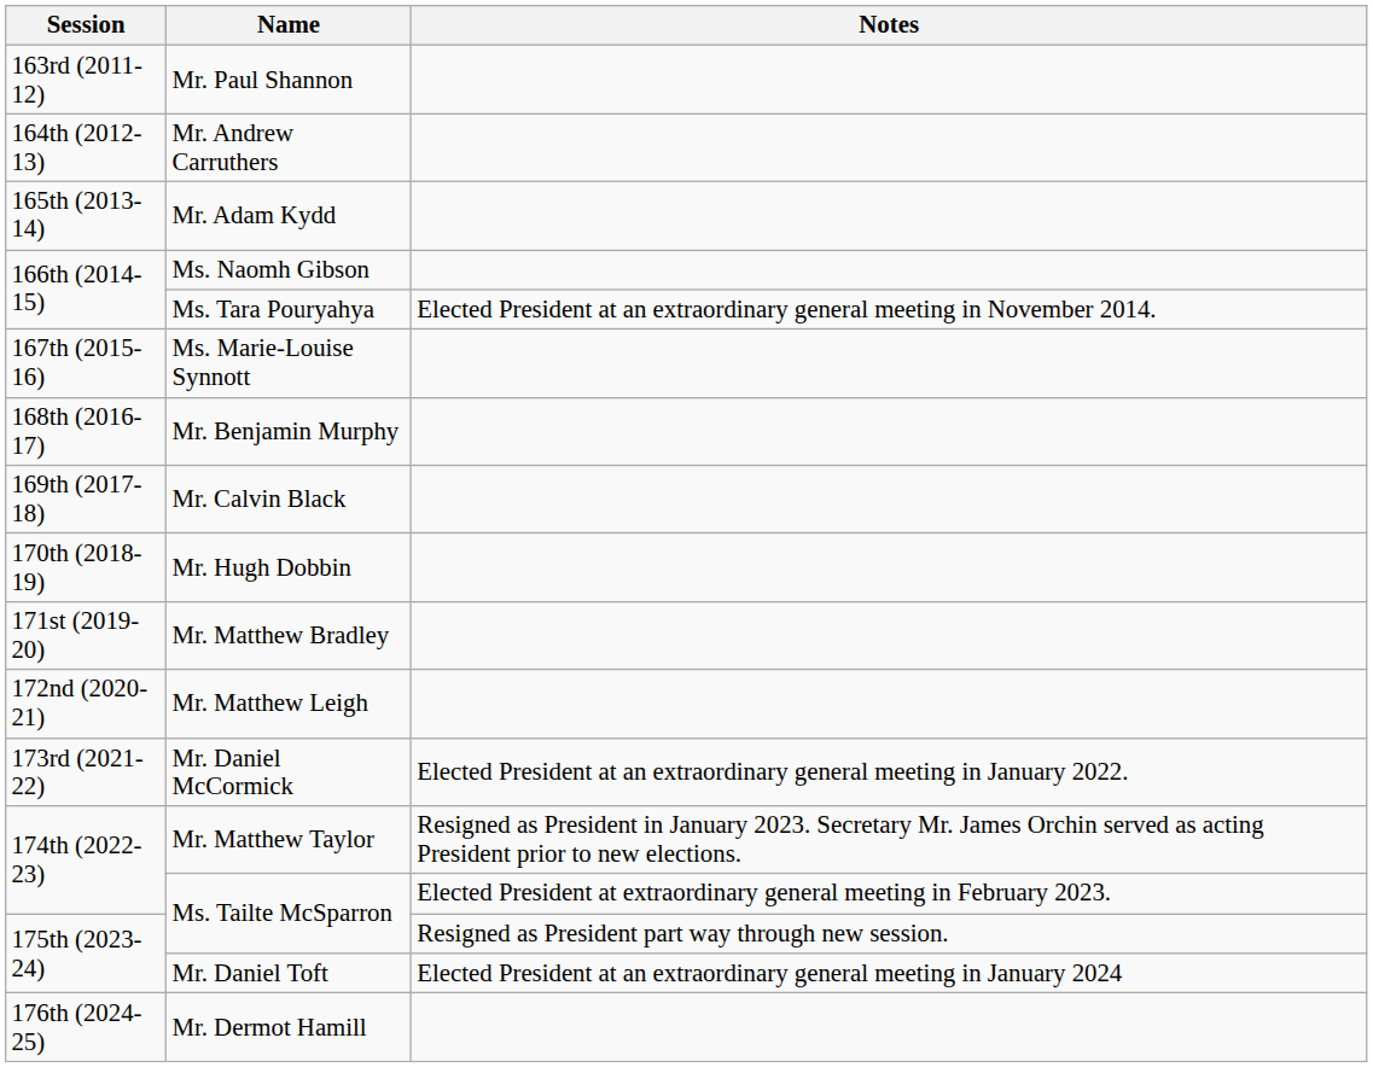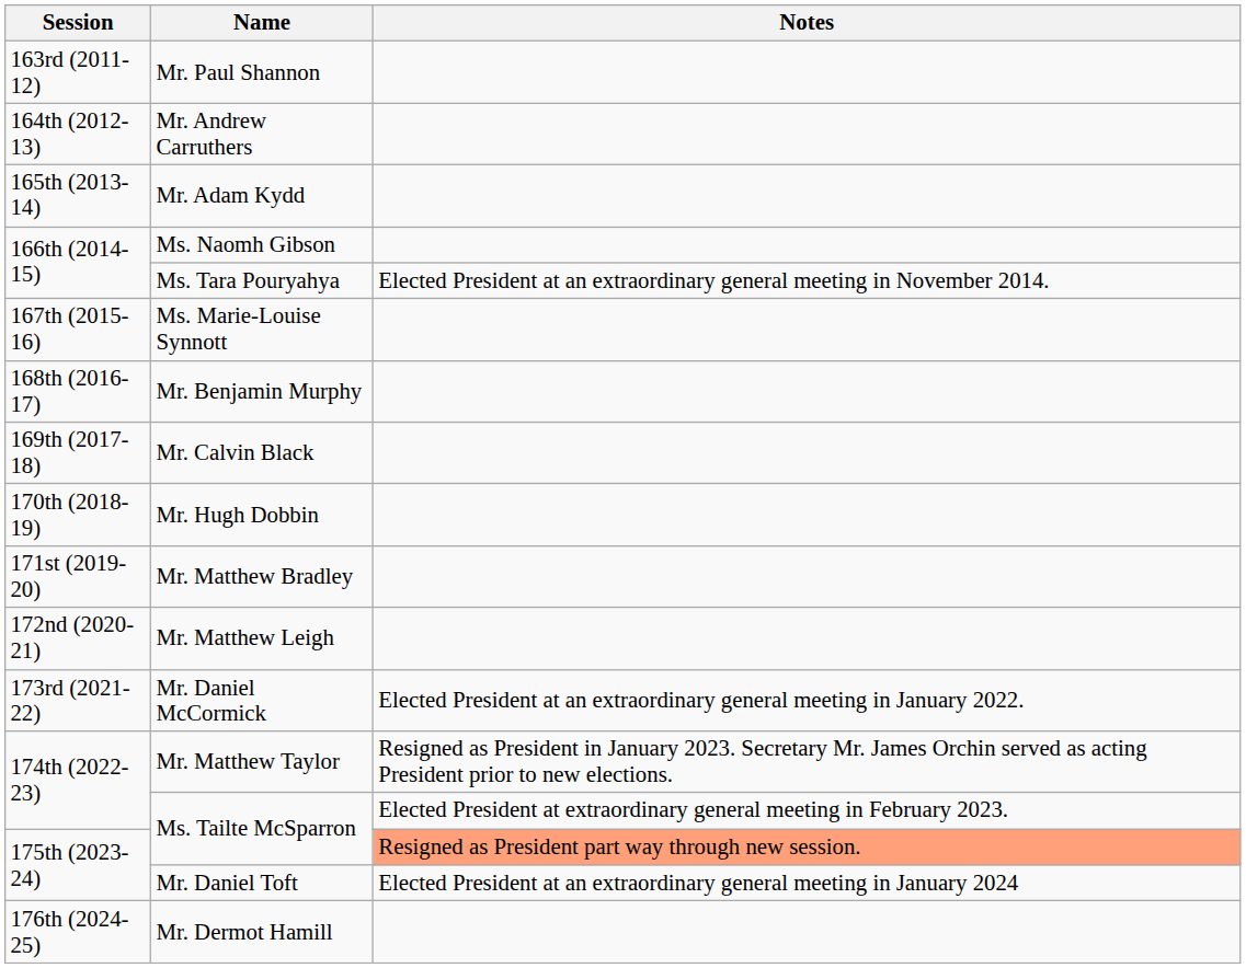 <table class="wikitable">
 <tr>
 <th>Session</th>
 <th>Name</th>
 <th>Notes</th>
 </tr>
 <tr>
 <td>163rd (2011-12)</td>
 <td>Mr. Paul Shannon</td>
 <td></td>
 </tr>
 <tr>
 <td>164th (2012-13)</td>
 <td>Mr. Andrew Carruthers</td>
 <td></td>
 </tr>
 <tr>
 <td>165th (2013-14)</td>
 <td>Mr. Adam Kydd</td>
 <td></td>
 </tr>
 <tr>
 <td rowspan="2">166th (2014-15)</td>
 <td>Ms. Naomh Gibson</td>
 <td></td>
 </tr>
 <tr>
 <td>Ms. Tara Pouryahya</td>
 <td>Elected President at an extraordinary general meeting in November 2014.</td>
 </tr>
 <tr>
 <td>167th (2015-16)</td>
 <td>Ms. Marie-Louise Synnott</td>
 <td></td>
 </tr>
 <tr>
 <td>168th (2016-17)</td>
 <td>Mr. Benjamin Murphy</td>
 <td></td>
 </tr>
 <tr>
 <td>169th (2017-18)</td>
 <td>Mr. Calvin Black</td>
 <td></td>
 </tr>
 <tr>
 <td>170th (2018-19)</td>
 <td>Mr. Hugh Dobbin</td>
 <td></td>
 </tr>
 <tr>
 <td>171st (2019-20)</td>
 <td>Mr. Matthew Bradley</td>
 <td></td>
 </tr>
 <tr>
 <td>172nd (2020-21)</td>
 <td rowspan="2">Mr. Matthew Leigh</td>
 <td rowspan="2"></td>
 </tr>
 <tr>
 <td rowspan="2">173rd (2021-22)</td>
 </tr>
 <tr>
 <td>Mr. Daniel McCormick</td>
 <td>Elected President at an extraordinary general meeting in January 2022.</td>
 </tr>
 <tr>
 <td rowspan="2">174th (2022-23)</td>
 <td>Mr. Matthew Taylor</td>
 <td>Resigned as President in January 2023. Secretary Mr. James Orchin served as acting President prior to new elections.</td>
 </tr>
 <tr>
 <td rowspan="2">Ms. Tailte McSparron</td>
 <td>Elected President at extraordinary general meeting in February 2023.</td>
 </tr>
 <tr>
 <td rowspan="2">175th (2023-24)</td>
-<td>Resigned as President part way through new session.</td>
+<td style="background: lightsalmon;">Resigned as President part way through new session.</td>
 </tr>
 <tr>
 <td>Mr. Daniel Toft</td>
 <td>Elected President at an extraordinary general meeting in January 2024</td>
 </tr>
 <tr>
 <td rowspan=“2”>176th (2024-25)</td>
 <td>Mr. Dermot Hamill</td>
 <td></td>
 </tr>
 </table>
